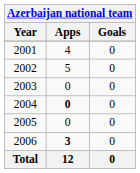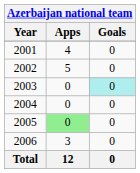 <table class="wikitable" style="text-align:center">
 <tr>
 <th colspan=3><a href='#'>Azerbaijan national team</a></th>
 </tr>
 <tr>
 <th>Year</th>
 <th>Apps</th>
 <th>Goals</th>
 </tr>
 <tr>
 </tr>
 <tr>
 <td>2001</td>
 <td>4</td>
 <td>0</td>
 </tr>
 <tr>
 <td>2002</td>
 <td>5</td>
 <td>0</td>
 </tr>
 <tr>
 <td>2003</td>
 <td>0</td>
-<td>0</td>
+<td style="background: paleturquoise;">0</td>
 </tr>
 <tr>
 <td>2004</td>
-<td><strong>0</strong></td>
+<td>0</td>
 <td>0</td>
 </tr>
 <tr>
 <td>2005</td>
-<td>0</td>
+<td style="background: lightgreen;">0</td>
 <td>0</td>
 </tr>
 <tr>
 <td>2006</td>
-<td><strong>3</strong></td>
+<td>3</td>
 <td>0</td>
 </tr>
 <tr>
 <th>Total</th>
 <th>12</th>
 <th>0</th>
 </tr>
 </table>
